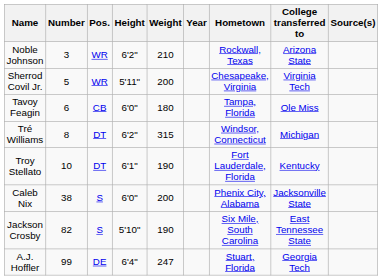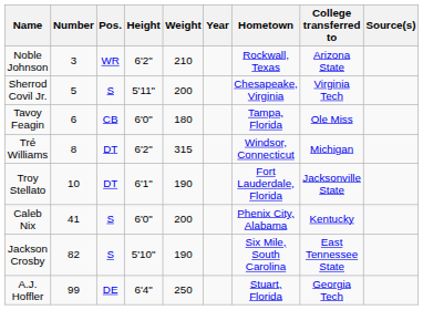 <table class="wikitable sortable" border="1" style="text-align: center;">
 <tr align=center>
 <th>Name</th>
 <th>Number</th>
 <th>Pos.</th>
 <th>Height</th>
 <th>Weight</th>
 <th>Year</th>
 <th>Hometown</th>
 <th>College transferred to</th>
 <th>Source(s)</th>
 </tr>
 <tr>
 <td>Noble Johnson</td>
 <td>3</td>
 <td><a href='#'>WR</a></td>
 <td>6'2"</td>
 <td>210</td>
 <td></td>
 <td><a href='#'>Rockwall, Texas</a></td>
 <td><a href='#'>Arizona State</a></td>
 <td></td>
 </tr>
 <tr>
 <td>Sherrod Covil Jr.</td>
 <td>5</td>
-<td><a href='#'>WR</a></td>
+<td><a href='#'>S</a></td>
 <td>5'11"</td>
 <td>200</td>
 <td></td>
 <td><a href='#'>Chesapeake, Virginia</a></td>
 <td><a href='#'>Virginia Tech</a></td>
 <td></td>
 </tr>
 <tr>
 <td>Tavoy Feagin</td>
 <td>6</td>
 <td><a href='#'>CB</a></td>
 <td>6'0"</td>
 <td>180</td>
 <td></td>
 <td><a href='#'>Tampa, Florida</a></td>
 <td><a href='#'>Ole Miss</a></td>
 <td></td>
 </tr>
 <tr>
 <td>Tré Williams</td>
 <td>8</td>
 <td><a href='#'>DT</a></td>
 <td>6'2"</td>
 <td>315</td>
 <td></td>
 <td><a href='#'>Windsor, Connecticut</a></td>
 <td><a href='#'>Michigan</a></td>
 <td></td>
 </tr>
 <tr>
 <td>Troy Stellato</td>
 <td>10</td>
 <td><a href='#'>DT</a></td>
 <td>6'1"</td>
 <td>190</td>
 <td></td>
 <td><a href='#'>Fort Lauderdale, Florida</a></td>
-<td><a href='#'>Kentucky</a></td>
+<td><a href='#'>Jacksonville State</a></td>
 <td></td>
 </tr>
 <tr>
 <td>Caleb Nix</td>
-<td>38</td>
+<td>41</td>
 <td><a href='#'>S</a></td>
 <td>6'0"</td>
 <td>200</td>
 <td></td>
 <td><a href='#'>Phenix City, Alabama</a></td>
-<td><a href='#'>Jacksonville State</a></td>
+<td><a href='#'>Kentucky</a></td>
 <td></td>
 </tr>
 <tr>
 <td>Jackson Crosby</td>
 <td>82</td>
 <td><a href='#'>S</a></td>
 <td>5'10"</td>
 <td>190</td>
 <td></td>
 <td><a href='#'>Six Mile, South Carolina</a></td>
 <td><a href='#'>East Tennessee State</a></td>
 <td></td>
 </tr>
 <tr>
 <td>A.J. Hoffler</td>
 <td>99</td>
 <td><a href='#'>DE</a></td>
 <td>6'4"</td>
-<td>247</td>
+<td>250</td>
 <td></td>
 <td><a href='#'>Stuart, Florida</a></td>
 <td><a href='#'>Georgia Tech</a></td>
 <td></td>
 </tr>
 </table>
